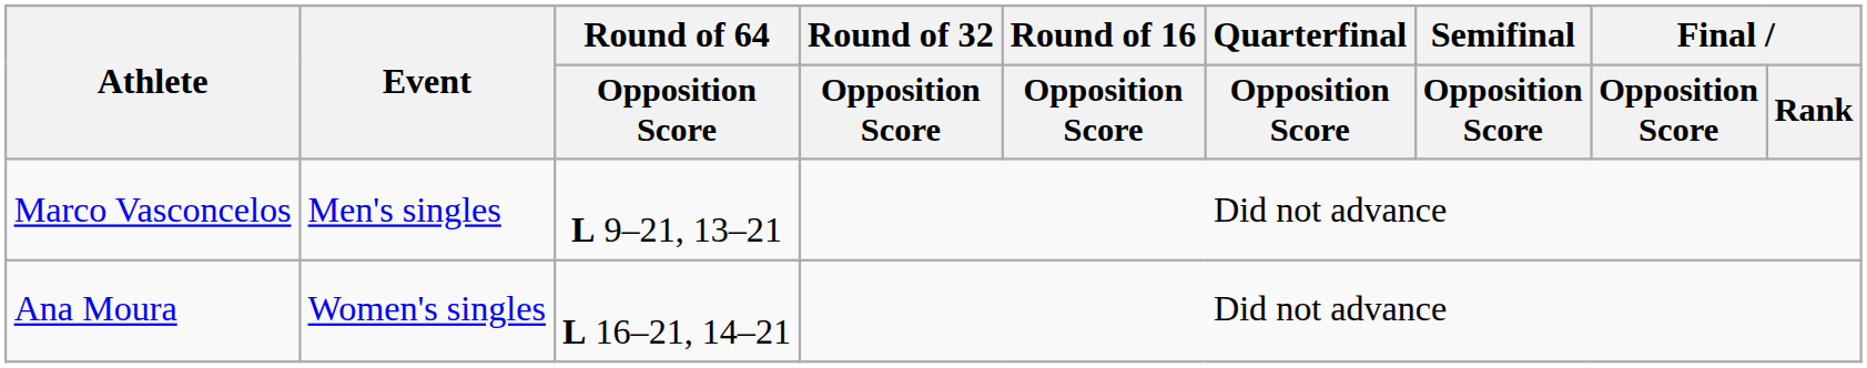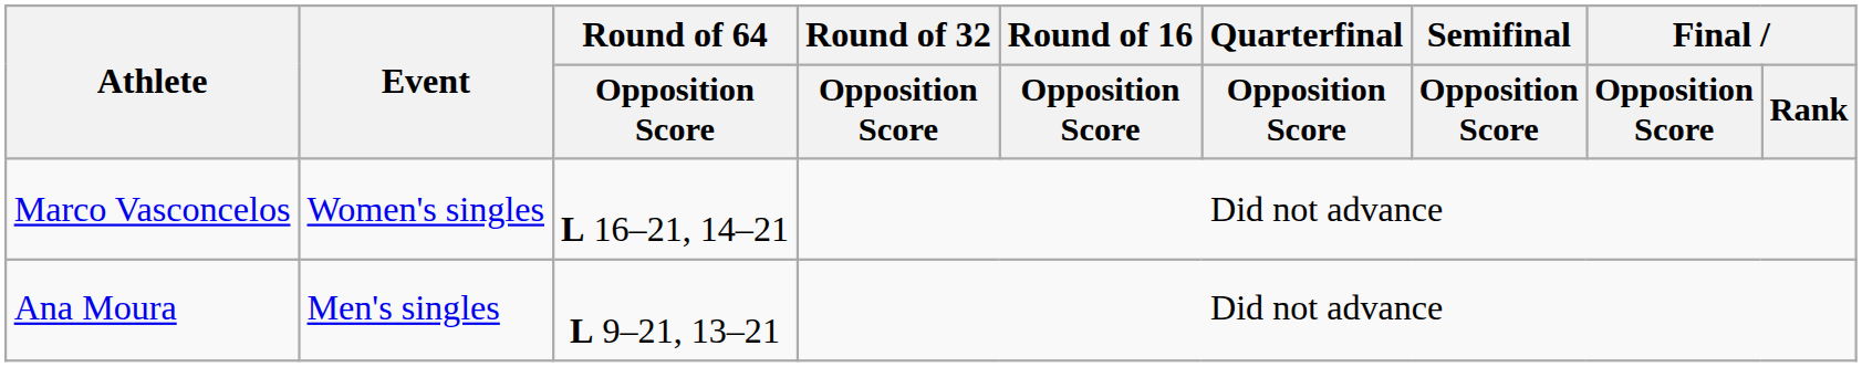 <table class=wikitable style="font-size:90%">
 <tr>
 <th rowspan="2">Athlete</th>
 <th rowspan="2">Event</th>
 <th>Round of 64</th>
 <th>Round of 32</th>
 <th>Round of 16</th>
 <th>Quarterfinal</th>
 <th>Semifinal</th>
 <th colspan=2>Final / </th>
 </tr>
 <tr style="font-size:95%">
 <th>Opposition<br>Score</th>
 <th>Opposition<br>Score</th>
 <th>Opposition<br>Score</th>
 <th>Opposition<br>Score</th>
 <th>Opposition<br>Score</th>
 <th>Opposition<br>Score</th>
 <th>Rank</th>
 </tr>
 <tr align=center>
 <td align=left><a href='#'>Marco Vasconcelos</a></td>
+<td align=left><a href='#'>Women's singles</a></td>
+<td><br><strong>L</strong> 16–21, 14–21</td>
+<td colspan=6>Did not advance</td>
+</tr>
+<tr align=center>
+<td align=left><a href='#'>Ana Moura</a></td>
 <td align=left><a href='#'>Men's singles</a></td>
 <td><br><strong>L</strong> 9–21, 13–21</td>
 <td colspan=6>Did not advance</td>
 </tr>
-<tr align=center>
-<td align=left><a href='#'>Ana Moura</a></td>
-<td align=left><a href='#'>Women's singles</a></td>
-<td><br><strong>L</strong> 16–21, 14–21</td>
-<td colspan=6>Did not advance</td>
-</tr>
 </table>
